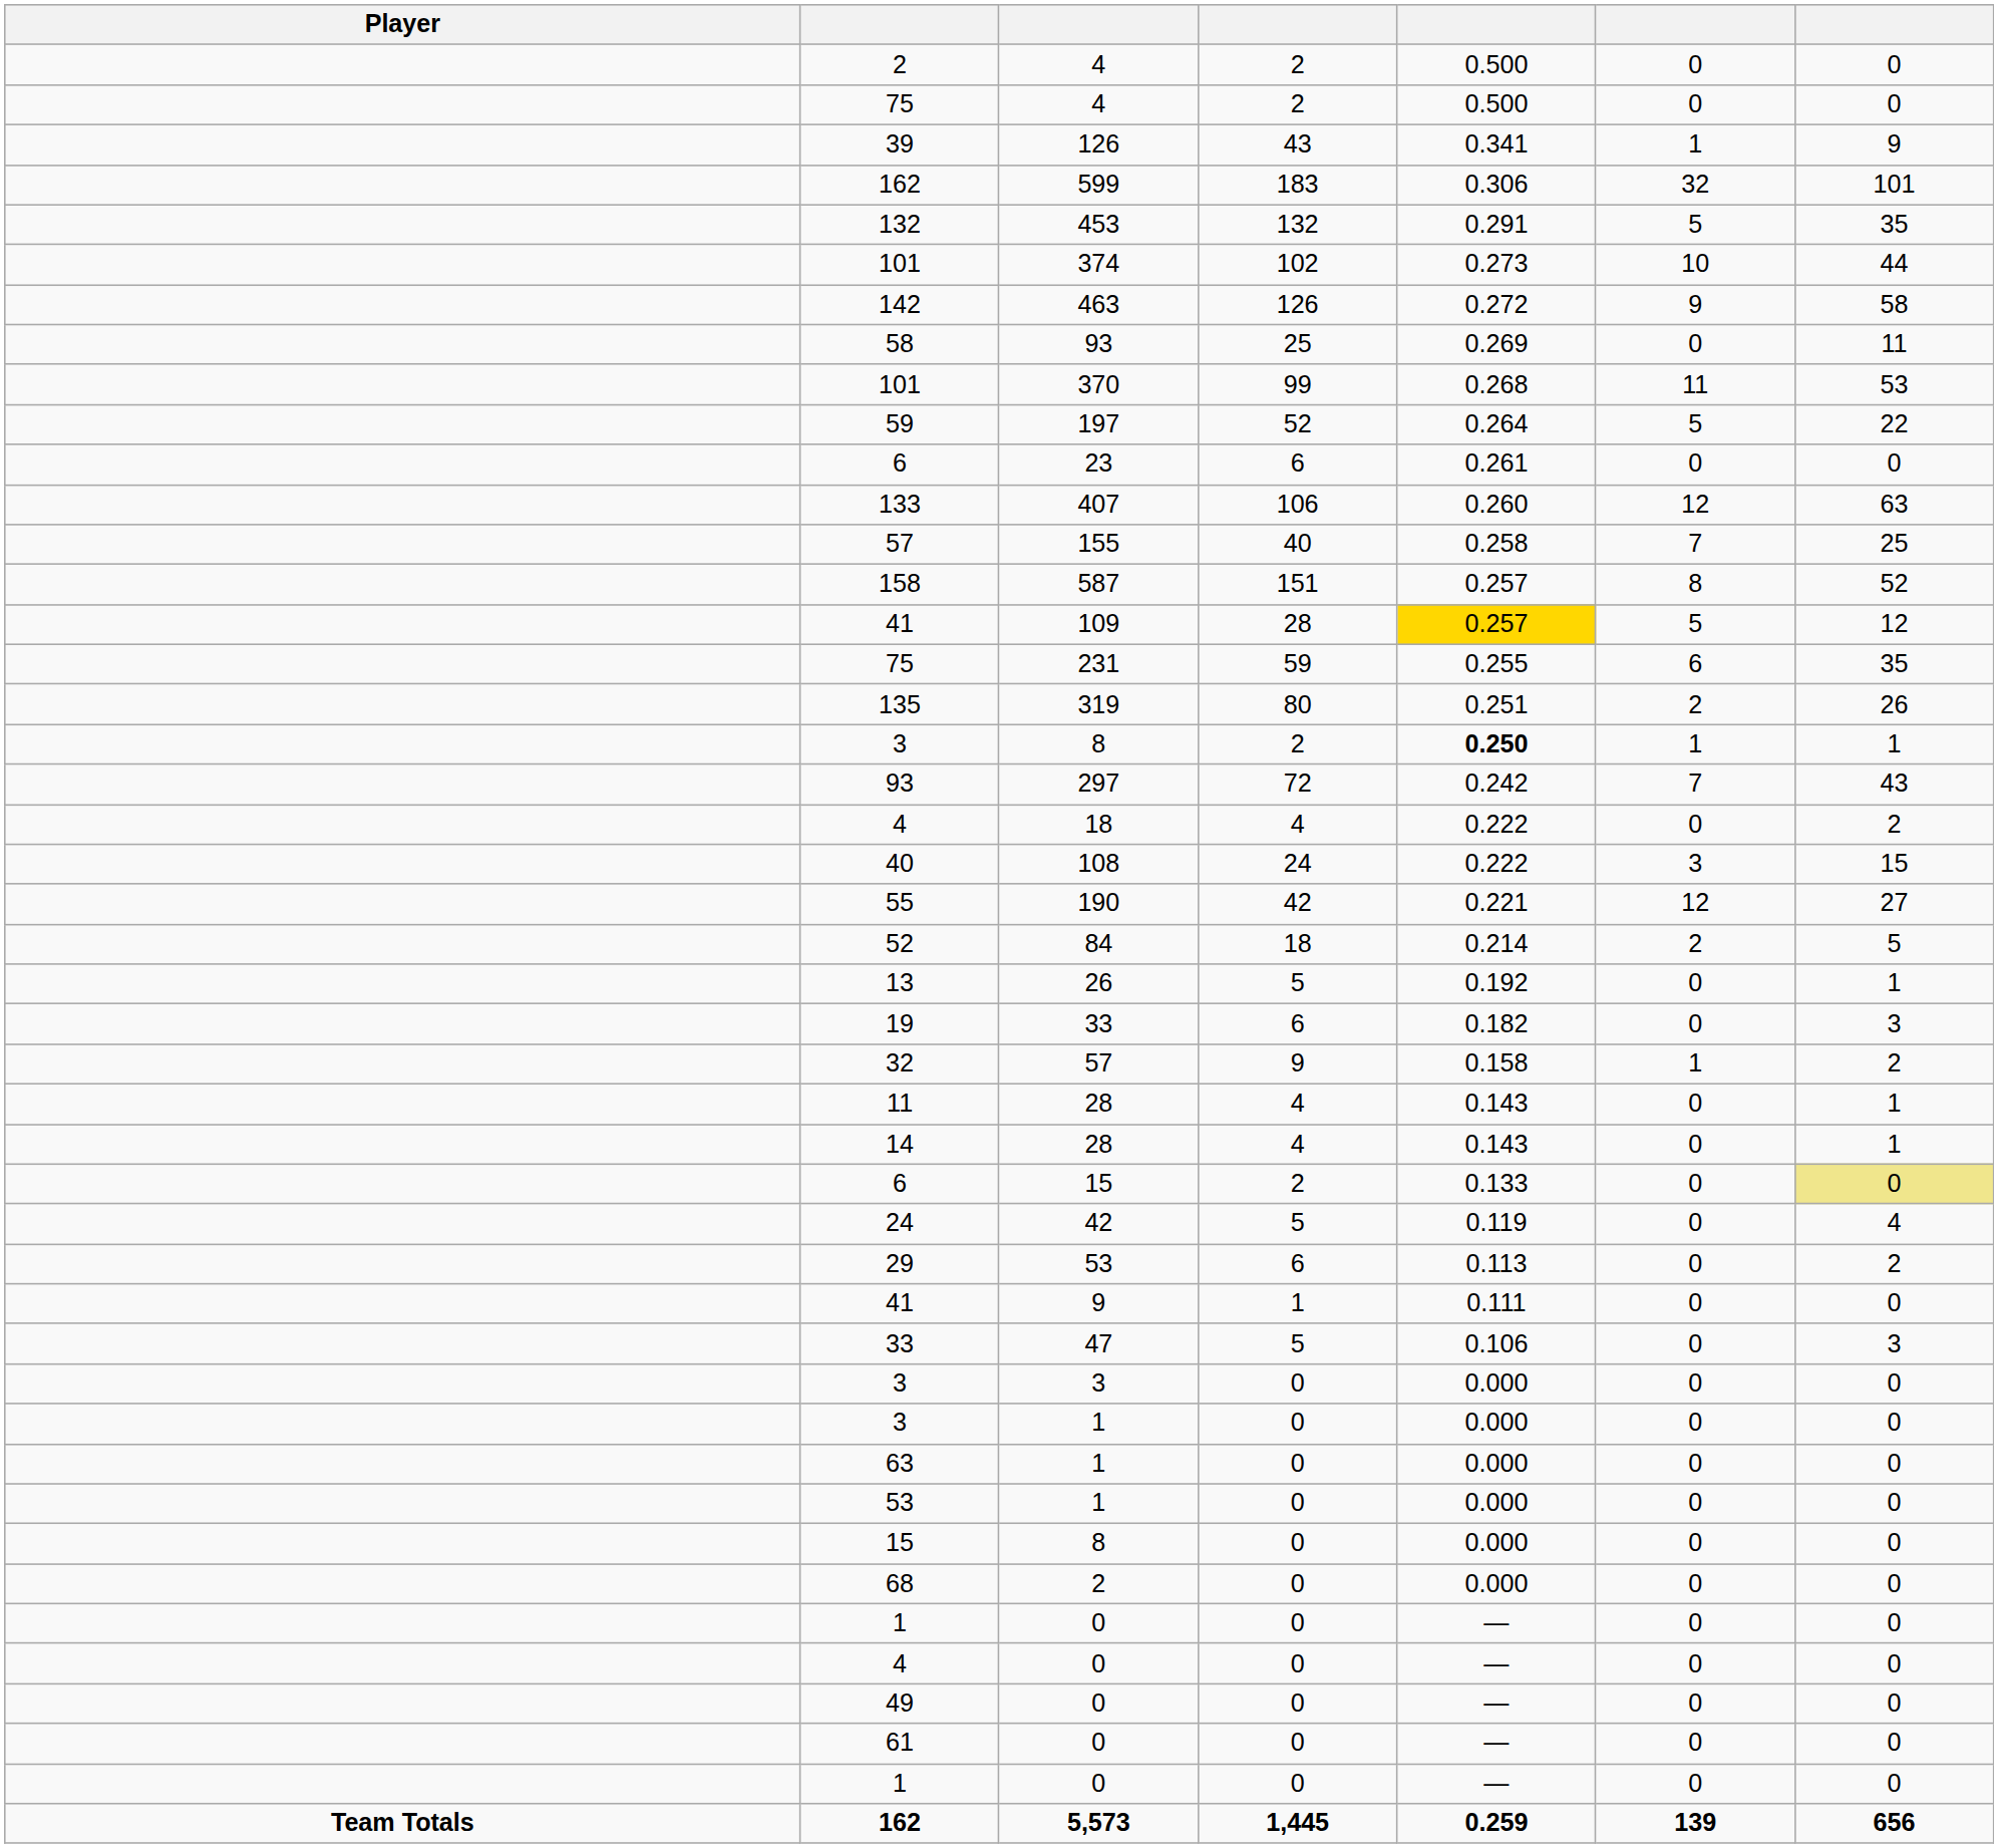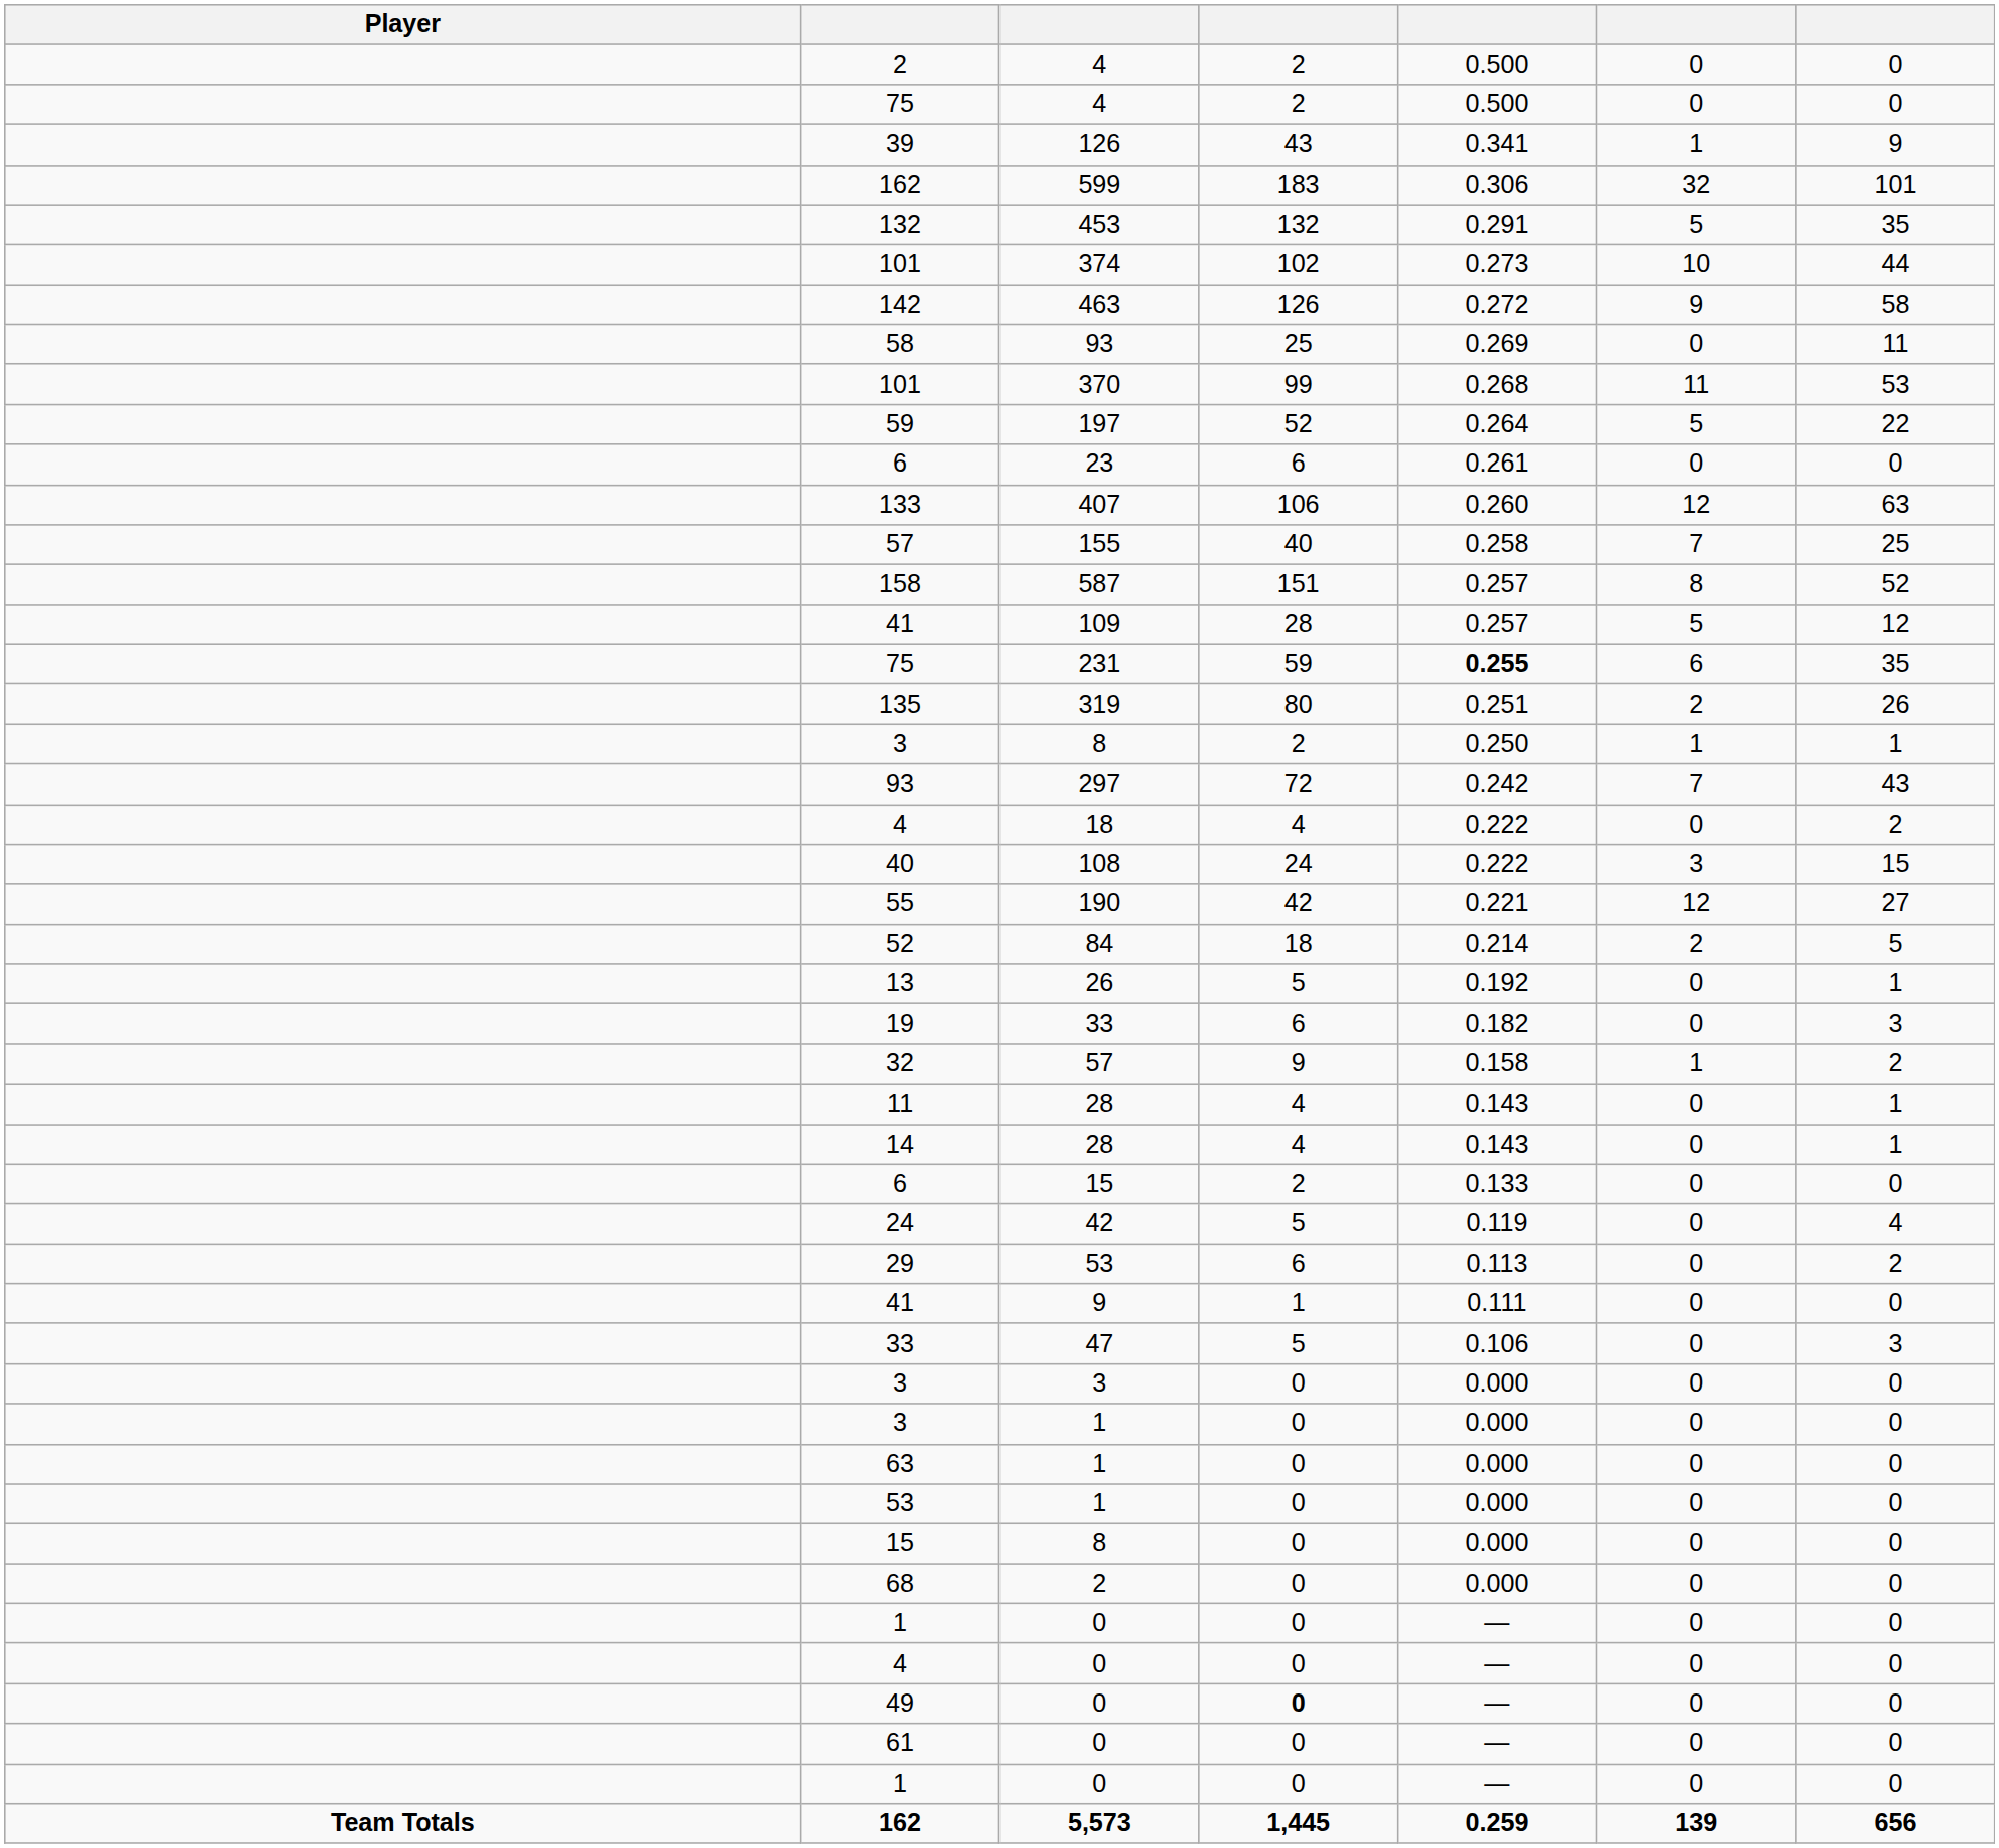 <table class="wikitable sortable" style="text-align:center;" width="100%">
 <tr>
 <th width="40%">Player</th>
 <th width="10%"></th>
 <th width="10%"></th>
 <th width="10%"></th>
 <th width="10%"></th>
 <th width="10%"></th>
 <th width="10%"></th>
 </tr>
 <tr>
 <td></td>
 <td>2</td>
 <td>4</td>
 <td>2</td>
 <td>0.500</td>
 <td>0</td>
 <td>0</td>
 </tr>
 <tr>
 <td></td>
 <td>75</td>
 <td>4</td>
 <td>2</td>
 <td>0.500</td>
 <td>0</td>
 <td>0</td>
 </tr>
 <tr>
 <td></td>
 <td>39</td>
 <td>126</td>
 <td>43</td>
 <td>0.341</td>
 <td>1</td>
 <td>9</td>
 </tr>
 <tr>
 <td></td>
 <td>162</td>
 <td>599</td>
 <td>183</td>
 <td>0.306</td>
 <td>32</td>
 <td>101</td>
 </tr>
 <tr>
 <td></td>
 <td>132</td>
 <td>453</td>
 <td>132</td>
 <td>0.291</td>
 <td>5</td>
 <td>35</td>
 </tr>
 <tr>
 <td></td>
 <td>101</td>
 <td>374</td>
 <td>102</td>
 <td>0.273</td>
 <td>10</td>
 <td>44</td>
 </tr>
 <tr>
 <td></td>
 <td>142</td>
 <td>463</td>
 <td>126</td>
 <td>0.272</td>
 <td>9</td>
 <td>58</td>
 </tr>
 <tr>
 <td></td>
 <td>58</td>
 <td>93</td>
 <td>25</td>
 <td>0.269</td>
 <td>0</td>
 <td>11</td>
 </tr>
 <tr>
 <td></td>
 <td>101</td>
 <td>370</td>
 <td>99</td>
 <td>0.268</td>
 <td>11</td>
 <td>53</td>
 </tr>
 <tr>
 <td></td>
 <td>59</td>
 <td>197</td>
 <td>52</td>
 <td>0.264</td>
 <td>5</td>
 <td>22</td>
 </tr>
 <tr>
 <td></td>
 <td>6</td>
 <td>23</td>
 <td>6</td>
 <td>0.261</td>
 <td>0</td>
 <td>0</td>
 </tr>
 <tr>
 <td></td>
 <td>133</td>
 <td>407</td>
 <td>106</td>
 <td>0.260</td>
 <td>12</td>
 <td>63</td>
 </tr>
 <tr>
 <td></td>
 <td>57</td>
 <td>155</td>
 <td>40</td>
 <td>0.258</td>
 <td>7</td>
 <td>25</td>
 </tr>
 <tr>
 <td></td>
 <td>158</td>
 <td>587</td>
 <td>151</td>
 <td>0.257</td>
 <td>8</td>
 <td>52</td>
 </tr>
 <tr>
 <td></td>
 <td>41</td>
 <td>109</td>
 <td>28</td>
-<td style="background: gold;">0.257</td>
+<td>0.257</td>
 <td>5</td>
 <td>12</td>
 </tr>
 <tr>
 <td></td>
 <td>75</td>
 <td>231</td>
 <td>59</td>
-<td>0.255</td>
+<td><strong>0.255</strong></td>
 <td>6</td>
 <td>35</td>
 </tr>
 <tr>
 <td></td>
 <td>135</td>
 <td>319</td>
 <td>80</td>
 <td>0.251</td>
 <td>2</td>
 <td>26</td>
 </tr>
 <tr>
 <td></td>
 <td>3</td>
 <td>8</td>
 <td>2</td>
-<td><strong>0.250</strong></td>
+<td>0.250</td>
 <td>1</td>
 <td>1</td>
 </tr>
 <tr>
 <td></td>
 <td>93</td>
 <td>297</td>
 <td>72</td>
 <td>0.242</td>
 <td>7</td>
 <td>43</td>
 </tr>
 <tr>
 <td></td>
 <td>4</td>
 <td>18</td>
 <td>4</td>
 <td>0.222</td>
 <td>0</td>
 <td>2</td>
 </tr>
 <tr>
 <td></td>
 <td>40</td>
 <td>108</td>
 <td>24</td>
 <td>0.222</td>
 <td>3</td>
 <td>15</td>
 </tr>
 <tr>
 <td></td>
 <td>55</td>
 <td>190</td>
 <td>42</td>
 <td>0.221</td>
 <td>12</td>
 <td>27</td>
 </tr>
 <tr>
 <td></td>
 <td>52</td>
 <td>84</td>
 <td>18</td>
 <td>0.214</td>
 <td>2</td>
 <td>5</td>
 </tr>
 <tr>
 <td></td>
 <td>13</td>
 <td>26</td>
 <td>5</td>
 <td>0.192</td>
 <td>0</td>
 <td>1</td>
 </tr>
 <tr>
 <td></td>
 <td>19</td>
 <td>33</td>
 <td>6</td>
 <td>0.182</td>
 <td>0</td>
 <td>3</td>
 </tr>
 <tr>
 <td></td>
 <td>32</td>
 <td>57</td>
 <td>9</td>
 <td>0.158</td>
 <td>1</td>
 <td>2</td>
 </tr>
 <tr>
 <td></td>
 <td>11</td>
 <td>28</td>
 <td>4</td>
 <td>0.143</td>
 <td>0</td>
 <td>1</td>
 </tr>
 <tr>
 <td></td>
 <td>14</td>
 <td>28</td>
 <td>4</td>
 <td>0.143</td>
 <td>0</td>
 <td>1</td>
 </tr>
 <tr>
 <td></td>
 <td>6</td>
 <td>15</td>
 <td>2</td>
 <td>0.133</td>
 <td>0</td>
-<td style="background: khaki;">0</td>
+<td>0</td>
 </tr>
 <tr>
 <td></td>
 <td>24</td>
 <td>42</td>
 <td>5</td>
 <td>0.119</td>
 <td>0</td>
 <td>4</td>
 </tr>
 <tr>
 <td></td>
 <td>29</td>
 <td>53</td>
 <td>6</td>
 <td>0.113</td>
 <td>0</td>
 <td>2</td>
 </tr>
 <tr>
 <td></td>
 <td>41</td>
 <td>9</td>
 <td>1</td>
 <td>0.111</td>
 <td>0</td>
 <td>0</td>
 </tr>
 <tr>
 <td></td>
 <td>33</td>
 <td>47</td>
 <td>5</td>
 <td>0.106</td>
 <td>0</td>
 <td>3</td>
 </tr>
 <tr>
 <td></td>
 <td>3</td>
 <td>3</td>
 <td>0</td>
 <td>0.000</td>
 <td>0</td>
 <td>0</td>
 </tr>
 <tr>
 <td></td>
 <td>3</td>
 <td>1</td>
 <td>0</td>
 <td>0.000</td>
 <td>0</td>
 <td>0</td>
 </tr>
 <tr>
 <td></td>
 <td>63</td>
 <td>1</td>
 <td>0</td>
 <td>0.000</td>
 <td>0</td>
 <td>0</td>
 </tr>
 <tr>
 <td></td>
 <td>53</td>
 <td>1</td>
 <td>0</td>
 <td>0.000</td>
 <td>0</td>
 <td>0</td>
 </tr>
 <tr>
 <td></td>
 <td>15</td>
 <td>8</td>
 <td>0</td>
 <td>0.000</td>
 <td>0</td>
 <td>0</td>
 </tr>
 <tr>
 <td></td>
 <td>68</td>
 <td>2</td>
 <td>0</td>
 <td>0.000</td>
 <td>0</td>
 <td>0</td>
 </tr>
 <tr>
 <td></td>
 <td>1</td>
 <td>0</td>
 <td>0</td>
 <td>—</td>
 <td>0</td>
 <td>0</td>
 </tr>
 <tr>
 <td></td>
 <td>4</td>
 <td>0</td>
 <td>0</td>
 <td>—</td>
 <td>0</td>
 <td>0</td>
 </tr>
 <tr>
 <td></td>
 <td>49</td>
 <td>0</td>
-<td>0</td>
+<td><strong>0</strong></td>
 <td>—</td>
 <td>0</td>
 <td>0</td>
 </tr>
 <tr>
 <td></td>
 <td>61</td>
 <td>0</td>
 <td>0</td>
 <td>—</td>
 <td>0</td>
 <td>0</td>
 </tr>
 <tr>
 <td></td>
 <td>1</td>
 <td>0</td>
 <td>0</td>
 <td>—</td>
 <td>0</td>
 <td>0</td>
 </tr>
 <tr>
 <td><strong>Team Totals</strong></td>
 <td><strong>162</strong></td>
 <td><strong>5,573</strong></td>
 <td><strong>1,445</strong></td>
 <td><strong>0.259</strong></td>
 <td><strong>139</strong></td>
 <td><strong>656</strong></td>
 </tr>
 </table>
